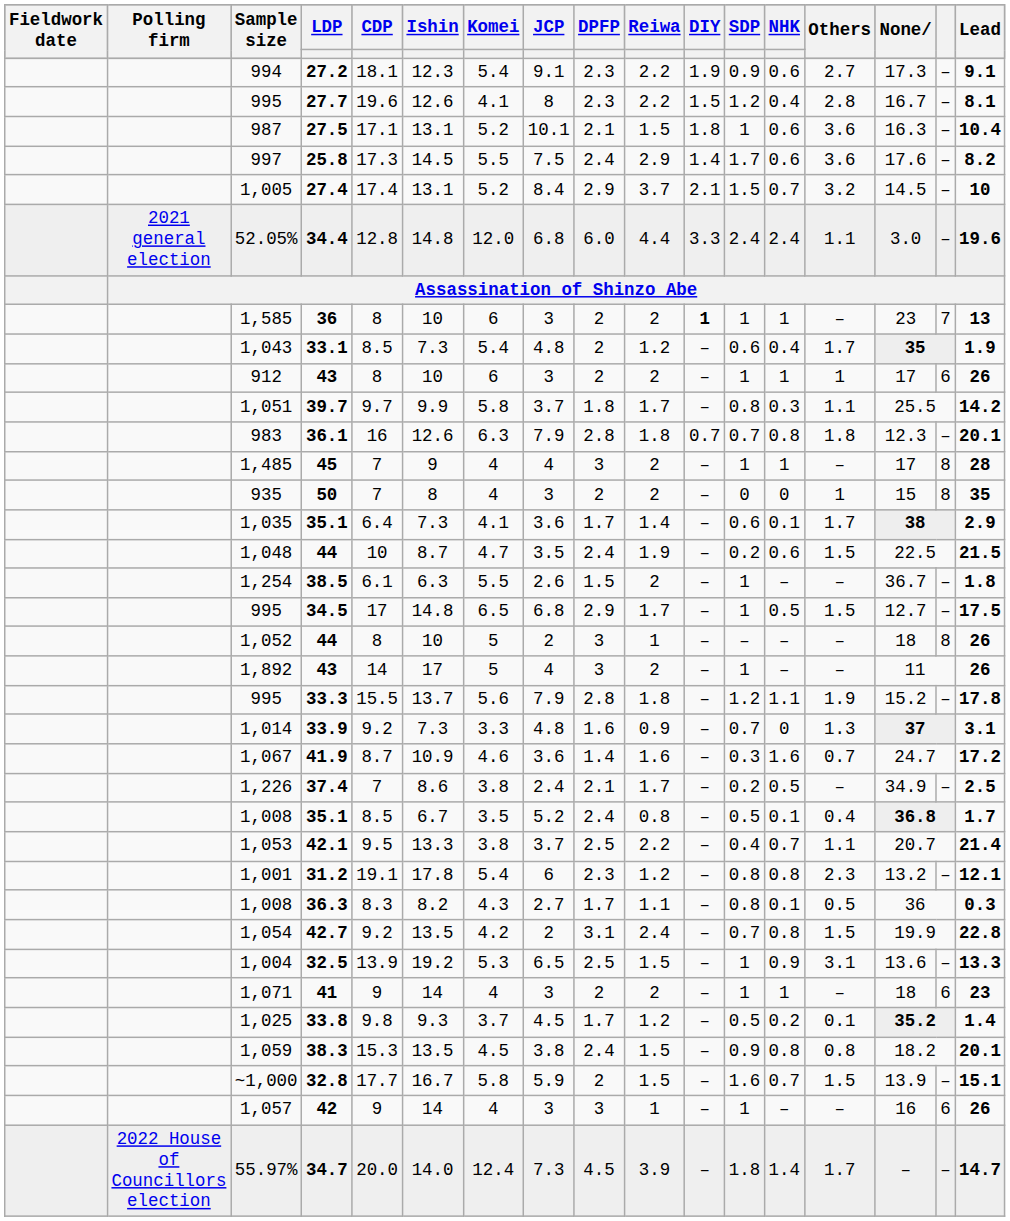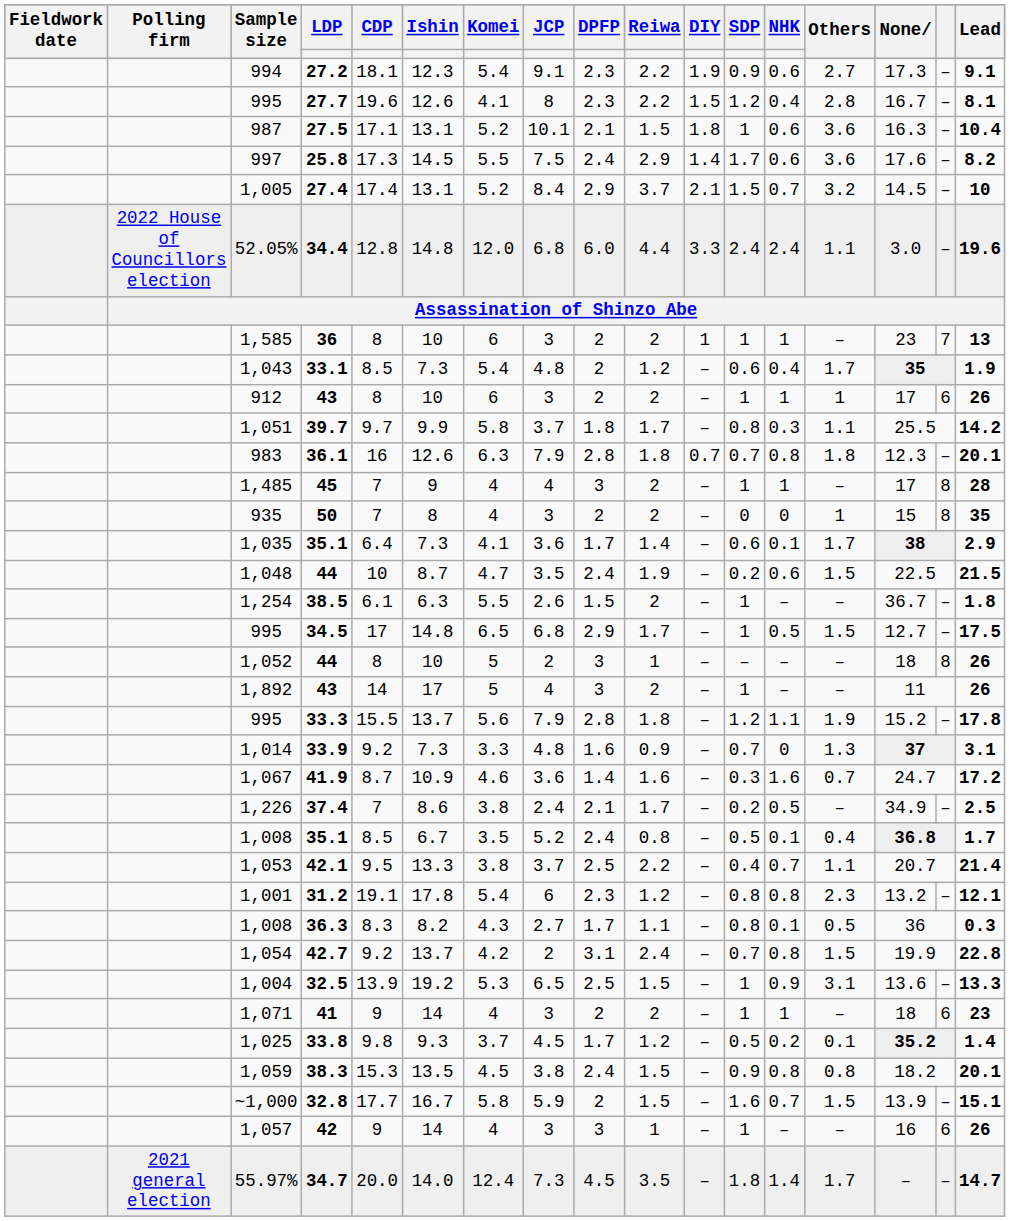 <table class="wikitable mw-datatable sortable mw-collapsible mw-collapsed" style="text-align:center;font-size:90%;line-height:14px;">
 <tr style="height:30px; background-color:#8B8B8B">
 <th rowspan="2" class="unsortable">Fieldwork date</th>
 <th rowspan="2" class="unsortable">Polling firm</th>
 <th rowspan="2" class="unsortable">Sample size</th>
 <th class="unsortable"><a href='#'>LDP</a></th>
 <th class="unsortable"><a href='#'>CDP</a></th>
 <th class="unsortable"><a href='#'>Ishin</a></th>
 <th class="unsortable"><a href='#'>Komei</a></th>
 <th class="unsortable"><a href='#'>JCP</a></th>
 <th class="unsortable"><a href='#'>DPFP</a></th>
 <th class="unsortable"><a href='#'>Reiwa</a></th>
 <th class="unsortable"><a href='#'>DIY</a></th>
 <th class="unsortable"><a href='#'>SDP</a></th>
 <th class="unsortable"><a href='#'>NHK</a></th>
 <th rowspan="2" class="unsortable">Others</th>
 <th rowspan="2" class="unsortable">None/</th>
 <th rowspan="2" class="unsortable"></th>
 <th rowspan="2" class="unsortable">Lead</th>
 </tr>
 <tr>
 <th data-sort-type="number" style="background:"></th>
 <th data-sort-type="number" style="background:"></th>
 <th data-sort-type="number" style="background:"></th>
 <th data-sort-type="number" style="background:"></th>
 <th data-sort-type="number" style="background:"></th>
 <th data-sort-type="number" style="background:"></th>
 <th data-sort-type="number" style="background:"></th>
 <th data-sort-type="number" style="background:"></th>
 <th data-sort-type="number" style="background:"></th>
 <th data-sort-type="number" style="background:"></th>
 </tr>
 <tr>
 <td></td>
 <td></td>
 <td>994</td>
 <td><strong>27.2</strong></td>
 <td>18.1</td>
 <td>12.3</td>
 <td>5.4</td>
 <td>9.1</td>
 <td>2.3</td>
 <td>2.2</td>
 <td>1.9</td>
 <td>0.9</td>
 <td>0.6</td>
 <td>2.7</td>
 <td>17.3</td>
 <td>–</td>
 <td style="background:"><strong>9.1</strong></td>
 </tr>
 <tr>
 <td></td>
 <td></td>
 <td>995</td>
 <td><strong>27.7</strong></td>
 <td>19.6</td>
 <td>12.6</td>
 <td>4.1</td>
 <td>8</td>
 <td>2.3</td>
 <td>2.2</td>
 <td>1.5</td>
 <td>1.2</td>
 <td>0.4</td>
 <td>2.8</td>
 <td>16.7</td>
 <td>–</td>
 <td style="background:"><strong>8.1</strong></td>
 </tr>
 <tr>
 <td></td>
 <td></td>
 <td>987</td>
 <td><strong>27.5</strong></td>
 <td>17.1</td>
 <td>13.1</td>
 <td>5.2</td>
 <td>10.1</td>
 <td>2.1</td>
 <td>1.5</td>
 <td>1.8</td>
 <td>1</td>
 <td>0.6</td>
 <td>3.6</td>
 <td>16.3</td>
 <td>–</td>
 <td style="background:"><strong>10.4</strong></td>
 </tr>
 <tr>
 <td></td>
 <td></td>
 <td>997</td>
 <td><strong>25.8</strong></td>
 <td>17.3</td>
 <td>14.5</td>
 <td>5.5</td>
 <td>7.5</td>
 <td>2.4</td>
 <td>2.9</td>
 <td>1.4</td>
 <td>1.7</td>
 <td>0.6</td>
 <td>3.6</td>
 <td>17.6</td>
 <td>–</td>
 <td style="background:"><strong>8.2</strong></td>
 </tr>
 <tr>
 <td></td>
 <td></td>
 <td>1,005</td>
 <td><strong>27.4</strong></td>
 <td>17.4</td>
 <td>13.1</td>
 <td>5.2</td>
 <td>8.4</td>
 <td>2.9</td>
 <td>3.7</td>
 <td>2.1</td>
 <td>1.5</td>
 <td>0.7</td>
 <td>3.2</td>
 <td>14.5</td>
 <td>–</td>
 <td style="background:"><strong>10</strong></td>
 </tr>
 <tr style="background:#EFEFEF;">
 <td></td>
-<td><a href='#'>2021 general election</a></td>
+<td><a href='#'>2022 House of Councillors election</a></td>
 <td>52.05%</td>
 <td><strong>34.4</strong></td>
 <td>12.8</td>
 <td>14.8</td>
 <td>12.0</td>
 <td>6.8</td>
 <td>6.0</td>
 <td>4.4</td>
 <td>3.3</td>
 <td>2.4</td>
 <td>2.4</td>
 <td>1.1</td>
 <td>3.0</td>
 <td>–</td>
 <td style="background:"><strong>19.6</strong></td>
 </tr>
 <tr>
 <th></th>
 <th colspan="16"><a href='#'>Assassination of Shinzo Abe</a></th>
 </tr>
 <tr>
 <td></td>
 <td></td>
 <td>1,585</td>
 <td><strong>36</strong></td>
 <td>8</td>
 <td>10</td>
 <td>6</td>
 <td>3</td>
 <td>2</td>
 <td>2</td>
-<td><strong>1</strong></td>
+<td>1</td>
 <td>1</td>
 <td>1</td>
 <td>–</td>
 <td>23</td>
 <td>7</td>
 <td style="background:"><strong>13</strong></td>
 </tr>
 <tr>
 <td></td>
 <td></td>
 <td>1,043</td>
 <td><strong>33.1</strong></td>
 <td>8.5</td>
 <td>7.3</td>
 <td>5.4</td>
 <td>4.8</td>
 <td>2</td>
 <td>1.2</td>
 <td>–</td>
 <td>0.6</td>
 <td>0.4</td>
 <td>1.7</td>
 <td colspan="2" style="background:#EEEEEE;"><strong>35</strong></td>
 <td style="background:"><strong>1.9</strong></td>
 </tr>
 <tr>
 <td></td>
 <td></td>
 <td>912</td>
 <td><strong>43</strong></td>
 <td>8</td>
 <td>10</td>
 <td>6</td>
 <td>3</td>
 <td>2</td>
 <td>2</td>
 <td>–</td>
 <td>1</td>
 <td>1</td>
 <td>1</td>
 <td>17</td>
 <td>6</td>
 <td style="background:"><strong>26</strong></td>
 </tr>
 <tr>
 <td></td>
 <td></td>
 <td>1,051</td>
 <td><strong>39.7</strong></td>
 <td>9.7</td>
 <td>9.9</td>
 <td>5.8</td>
 <td>3.7</td>
 <td>1.8</td>
 <td>1.7</td>
 <td>–</td>
 <td>0.8</td>
 <td>0.3</td>
 <td>1.1</td>
 <td colspan="2">25.5</td>
 <td style="background:"><strong>14.2</strong></td>
 </tr>
 <tr>
 <td></td>
 <td></td>
 <td>983</td>
 <td><strong>36.1</strong></td>
 <td>16</td>
 <td>12.6</td>
 <td>6.3</td>
 <td>7.9</td>
 <td>2.8</td>
 <td>1.8</td>
 <td>0.7</td>
 <td>0.7</td>
 <td>0.8</td>
 <td>1.8</td>
 <td>12.3</td>
 <td>–</td>
 <td style="background:"><strong>20.1</strong></td>
 </tr>
 <tr>
 <td></td>
 <td></td>
 <td>1,485</td>
 <td><strong>45</strong></td>
 <td>7</td>
 <td>9</td>
 <td>4</td>
 <td>4</td>
 <td>3</td>
 <td>2</td>
 <td>–</td>
 <td>1</td>
 <td>1</td>
 <td>–</td>
 <td>17</td>
 <td>8</td>
 <td style="background:"><strong>28</strong></td>
 </tr>
 <tr>
 <td></td>
 <td></td>
 <td>935</td>
 <td><strong>50</strong></td>
 <td>7</td>
 <td>8</td>
 <td>4</td>
 <td>3</td>
 <td>2</td>
 <td>2</td>
 <td>–</td>
 <td>0</td>
 <td>0</td>
 <td>1</td>
 <td>15</td>
 <td>8</td>
 <td style="background:"><strong>35</strong></td>
 </tr>
 <tr>
 <td></td>
 <td></td>
 <td>1,035</td>
 <td><strong>35.1</strong></td>
 <td>6.4</td>
 <td>7.3</td>
 <td>4.1</td>
 <td>3.6</td>
 <td>1.7</td>
 <td>1.4</td>
 <td>–</td>
 <td>0.6</td>
 <td>0.1</td>
 <td>1.7</td>
 <td colspan="2" style="background:#EEEEEE;"><strong>38</strong></td>
 <td style="background:"><strong>2.9</strong></td>
 </tr>
 <tr>
 <td></td>
 <td></td>
 <td>1,048</td>
 <td><strong>44</strong></td>
 <td>10</td>
 <td>8.7</td>
 <td>4.7</td>
 <td>3.5</td>
 <td>2.4</td>
 <td>1.9</td>
 <td>–</td>
 <td>0.2</td>
 <td>0.6</td>
 <td>1.5</td>
 <td colspan="2">22.5</td>
 <td style="background:"><strong>21.5</strong></td>
 </tr>
 <tr>
 <td></td>
 <td></td>
 <td>1,254</td>
 <td><strong>38.5</strong></td>
 <td>6.1</td>
 <td>6.3</td>
 <td>5.5</td>
 <td>2.6</td>
 <td>1.5</td>
 <td>2</td>
 <td>–</td>
 <td>1</td>
 <td>–</td>
 <td>–</td>
 <td>36.7</td>
 <td>–</td>
 <td style="background:"><strong>1.8</strong></td>
 </tr>
 <tr>
 <td></td>
 <td></td>
 <td>995</td>
 <td><strong>34.5</strong></td>
 <td>17</td>
 <td>14.8</td>
 <td>6.5</td>
 <td>6.8</td>
 <td>2.9</td>
 <td>1.7</td>
 <td>–</td>
 <td>1</td>
 <td>0.5</td>
 <td>1.5</td>
 <td>12.7</td>
 <td>–</td>
 <td style="background:"><strong>17.5</strong></td>
 </tr>
 <tr>
 <td></td>
 <td></td>
 <td>1,052</td>
 <td><strong>44</strong></td>
 <td>8</td>
 <td>10</td>
 <td>5</td>
 <td>2</td>
 <td>3</td>
 <td>1</td>
 <td>–</td>
 <td>–</td>
 <td>–</td>
 <td>–</td>
 <td>18</td>
 <td>8</td>
 <td style="background:"><strong>26</strong></td>
 </tr>
 <tr>
 <td></td>
 <td></td>
 <td>1,892</td>
 <td><strong>43</strong></td>
 <td>14</td>
 <td>17</td>
 <td>5</td>
 <td>4</td>
 <td>3</td>
 <td>2</td>
 <td>–</td>
 <td>1</td>
 <td>–</td>
 <td>–</td>
 <td colspan="2">11</td>
 <td style="background:"><strong>26</strong></td>
 </tr>
 <tr>
 <td></td>
 <td></td>
 <td>995</td>
 <td><strong>33.3</strong></td>
 <td>15.5</td>
 <td>13.7</td>
 <td>5.6</td>
 <td>7.9</td>
 <td>2.8</td>
 <td>1.8</td>
 <td>–</td>
 <td>1.2</td>
 <td>1.1</td>
 <td>1.9</td>
 <td>15.2</td>
 <td>–</td>
 <td style="background:"><strong>17.8</strong></td>
 </tr>
 <tr>
 <td></td>
 <td></td>
 <td>1,014</td>
 <td><strong>33.9</strong></td>
 <td>9.2</td>
 <td>7.3</td>
 <td>3.3</td>
 <td>4.8</td>
 <td>1.6</td>
 <td>0.9</td>
 <td>–</td>
 <td>0.7</td>
 <td>0</td>
 <td>1.3</td>
 <td colspan="2" style="background:#EEEEEE;"><strong>37</strong></td>
 <td style="background:"><strong>3.1</strong></td>
 </tr>
 <tr>
 <td></td>
 <td></td>
 <td>1,067</td>
 <td><strong>41.9</strong></td>
 <td>8.7</td>
 <td>10.9</td>
 <td>4.6</td>
 <td>3.6</td>
 <td>1.4</td>
 <td>1.6</td>
 <td>–</td>
 <td>0.3</td>
 <td>1.6</td>
 <td>0.7</td>
 <td colspan="2">24.7</td>
 <td style="background:"><strong>17.2</strong></td>
 </tr>
 <tr>
 <td></td>
 <td></td>
 <td>1,226</td>
 <td><strong>37.4</strong></td>
 <td>7</td>
 <td>8.6</td>
 <td>3.8</td>
 <td>2.4</td>
 <td>2.1</td>
 <td>1.7</td>
 <td>–</td>
 <td>0.2</td>
 <td>0.5</td>
 <td>–</td>
 <td>34.9</td>
 <td>–</td>
 <td style="background:"><strong>2.5</strong></td>
 </tr>
 <tr>
 <td></td>
 <td></td>
 <td>1,008</td>
 <td><strong>35.1</strong></td>
 <td>8.5</td>
 <td>6.7</td>
 <td>3.5</td>
 <td>5.2</td>
 <td>2.4</td>
 <td>0.8</td>
 <td>–</td>
 <td>0.5</td>
 <td>0.1</td>
 <td>0.4</td>
 <td colspan="2" style="background:#EEEEEE;"><strong>36.8</strong></td>
 <td style="background:"><strong>1.7</strong></td>
 </tr>
 <tr>
 <td></td>
 <td></td>
 <td>1,053</td>
 <td><strong>42.1</strong></td>
 <td>9.5</td>
 <td>13.3</td>
 <td>3.8</td>
 <td>3.7</td>
 <td>2.5</td>
 <td>2.2</td>
 <td>–</td>
 <td>0.4</td>
 <td>0.7</td>
 <td>1.1</td>
 <td colspan="2">20.7</td>
 <td style="background:"><strong>21.4</strong></td>
 </tr>
 <tr>
 <td></td>
 <td></td>
 <td>1,001</td>
 <td><strong>31.2</strong></td>
 <td>19.1</td>
 <td>17.8</td>
 <td>5.4</td>
 <td>6</td>
 <td>2.3</td>
 <td>1.2</td>
 <td>–</td>
 <td>0.8</td>
 <td>0.8</td>
 <td>2.3</td>
 <td>13.2</td>
 <td>–</td>
 <td style="background:"><strong>12.1</strong></td>
 </tr>
 <tr>
 <td></td>
 <td></td>
 <td>1,008</td>
 <td><strong>36.3</strong></td>
 <td>8.3</td>
 <td>8.2</td>
 <td>4.3</td>
 <td>2.7</td>
 <td>1.7</td>
 <td>1.1</td>
 <td>–</td>
 <td>0.8</td>
 <td>0.1</td>
 <td>0.5</td>
 <td colspan="2">36</td>
 <td style="background:"><strong>0.3</strong></td>
 </tr>
 <tr>
 <td></td>
 <td></td>
 <td>1,054</td>
 <td><strong>42.7</strong></td>
 <td>9.2</td>
-<td>13.5</td>
+<td>13.7</td>
 <td>4.2</td>
 <td>2</td>
 <td>3.1</td>
 <td>2.4</td>
 <td>–</td>
 <td>0.7</td>
 <td>0.8</td>
 <td>1.5</td>
 <td colspan="2">19.9</td>
 <td style="background:"><strong>22.8</strong></td>
 </tr>
 <tr>
 <td></td>
 <td></td>
 <td>1,004</td>
 <td><strong>32.5</strong></td>
 <td>13.9</td>
 <td>19.2</td>
 <td>5.3</td>
 <td>6.5</td>
 <td>2.5</td>
 <td>1.5</td>
 <td>–</td>
 <td>1</td>
 <td>0.9</td>
 <td>3.1</td>
 <td>13.6</td>
 <td>–</td>
 <td style="background:"><strong>13.3</strong></td>
 </tr>
 <tr>
 <td></td>
 <td></td>
 <td>1,071</td>
 <td><strong>41</strong></td>
 <td>9</td>
 <td>14</td>
 <td>4</td>
 <td>3</td>
 <td>2</td>
 <td>2</td>
 <td>–</td>
 <td>1</td>
 <td>1</td>
 <td>–</td>
 <td>18</td>
 <td>6</td>
 <td style="background:"><strong>23</strong></td>
 </tr>
 <tr>
 <td></td>
 <td></td>
 <td>1,025</td>
 <td><strong>33.8</strong></td>
 <td>9.8</td>
 <td>9.3</td>
 <td>3.7</td>
 <td>4.5</td>
 <td>1.7</td>
 <td>1.2</td>
 <td>–</td>
 <td>0.5</td>
 <td>0.2</td>
 <td>0.1</td>
 <td colspan="2" style="background:#EEEEEE;"><strong>35.2</strong></td>
 <td style="background:"><strong>1.4</strong></td>
 </tr>
 <tr>
 <td></td>
 <td></td>
 <td>1,059</td>
 <td><strong>38.3</strong></td>
 <td>15.3</td>
 <td>13.5</td>
 <td>4.5</td>
 <td>3.8</td>
 <td>2.4</td>
 <td>1.5</td>
 <td>–</td>
 <td>0.9</td>
 <td>0.8</td>
 <td>0.8</td>
 <td colspan="2">18.2</td>
 <td style="background:"><strong>20.1</strong></td>
 </tr>
 <tr>
 <td></td>
 <td></td>
 <td>~1,000</td>
 <td><strong>32.8</strong></td>
 <td>17.7</td>
 <td>16.7</td>
 <td>5.8</td>
 <td>5.9</td>
 <td>2</td>
 <td>1.5</td>
 <td>–</td>
 <td>1.6</td>
 <td>0.7</td>
 <td>1.5</td>
 <td>13.9</td>
 <td>–</td>
 <td style="background:"><strong>15.1</strong></td>
 </tr>
 <tr>
 <td></td>
 <td></td>
 <td>1,057</td>
 <td><strong>42</strong></td>
 <td>9</td>
 <td>14</td>
 <td>4</td>
 <td>3</td>
 <td>3</td>
 <td>1</td>
 <td>–</td>
 <td>1</td>
 <td>–</td>
 <td>–</td>
 <td>16</td>
 <td>6</td>
 <td style="background:"><strong>26</strong></td>
 </tr>
 <tr style="background:#EFEFEF;">
 <td></td>
-<td><a href='#'>2022 House of Councillors election</a></td>
+<td><a href='#'>2021 general election</a></td>
 <td>55.97%</td>
 <td><strong>34.7</strong></td>
 <td>20.0</td>
 <td>14.0</td>
 <td>12.4</td>
 <td>7.3</td>
 <td>4.5</td>
-<td>3.9</td>
+<td>3.5</td>
 <td>–</td>
 <td>1.8</td>
 <td>1.4</td>
 <td>1.7</td>
 <td>–</td>
 <td>–</td>
 <td style="background:"><strong>14.7</strong></td>
 </tr>
 </table>
